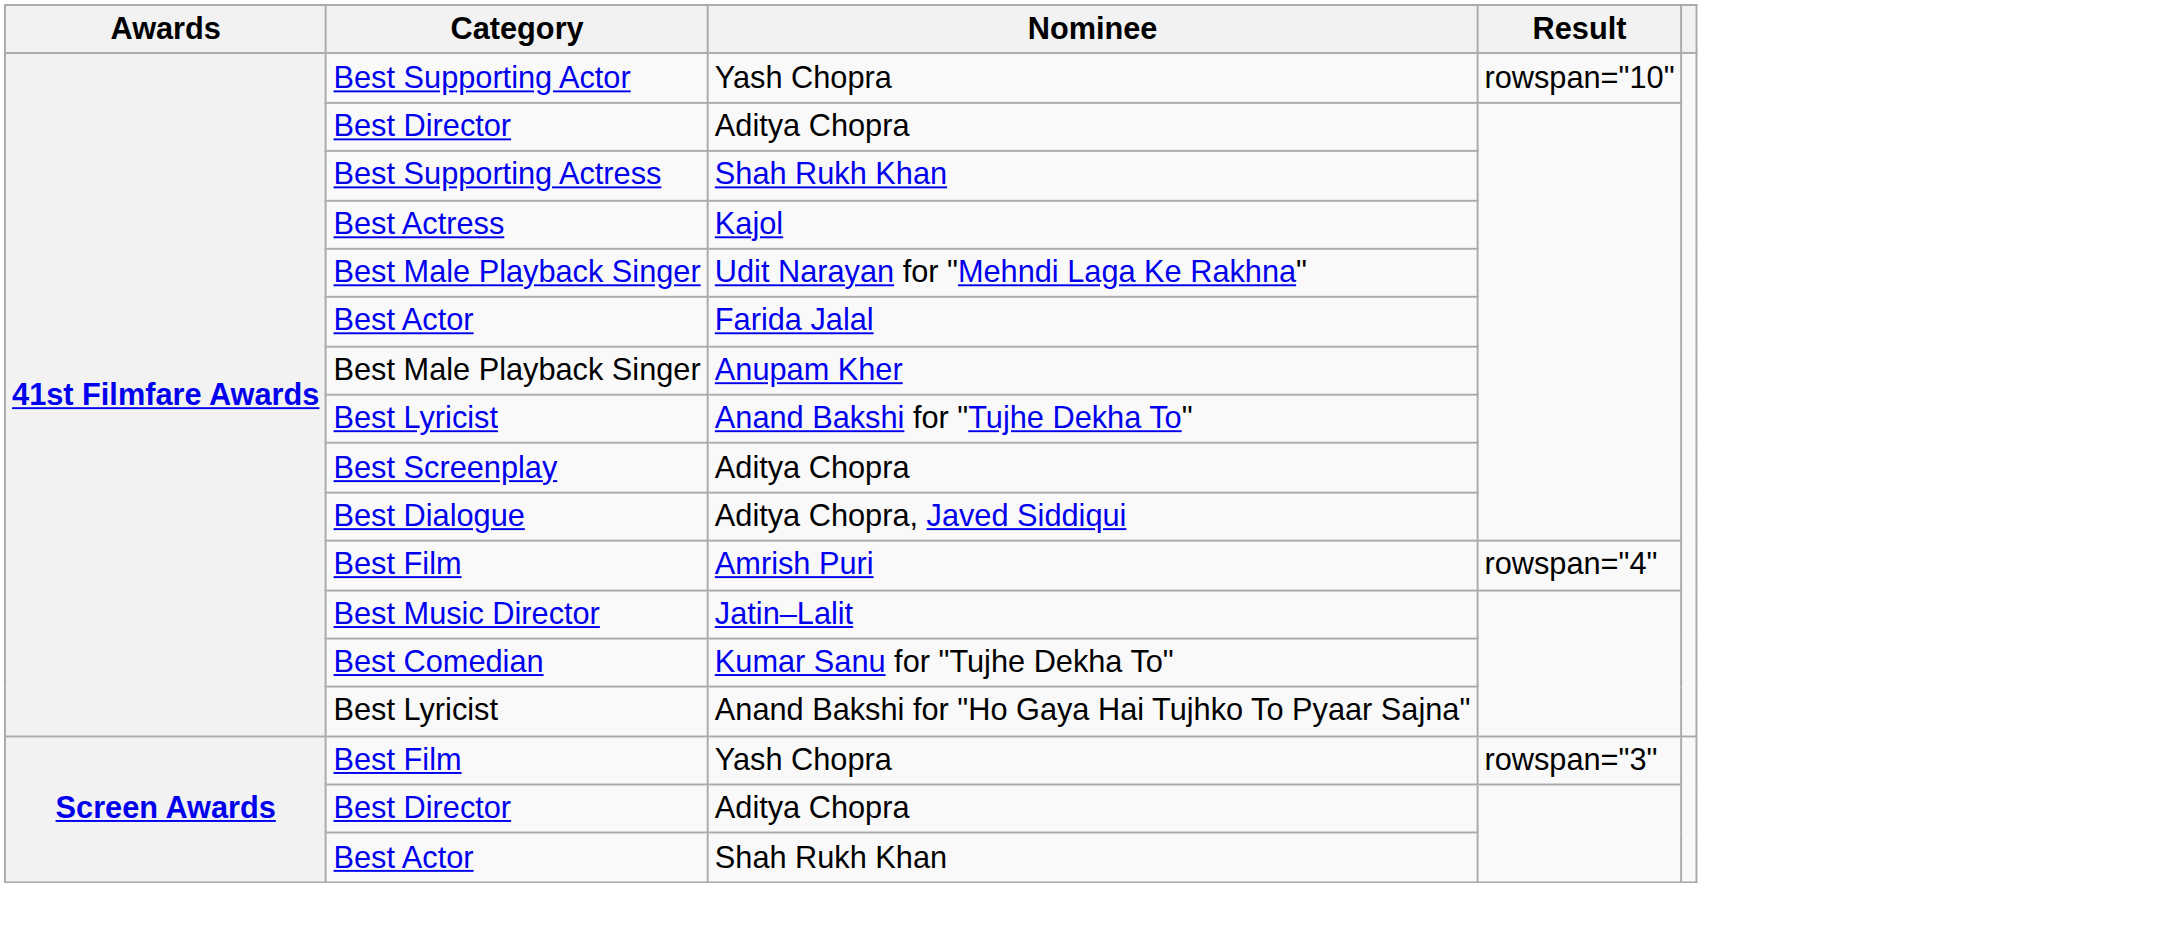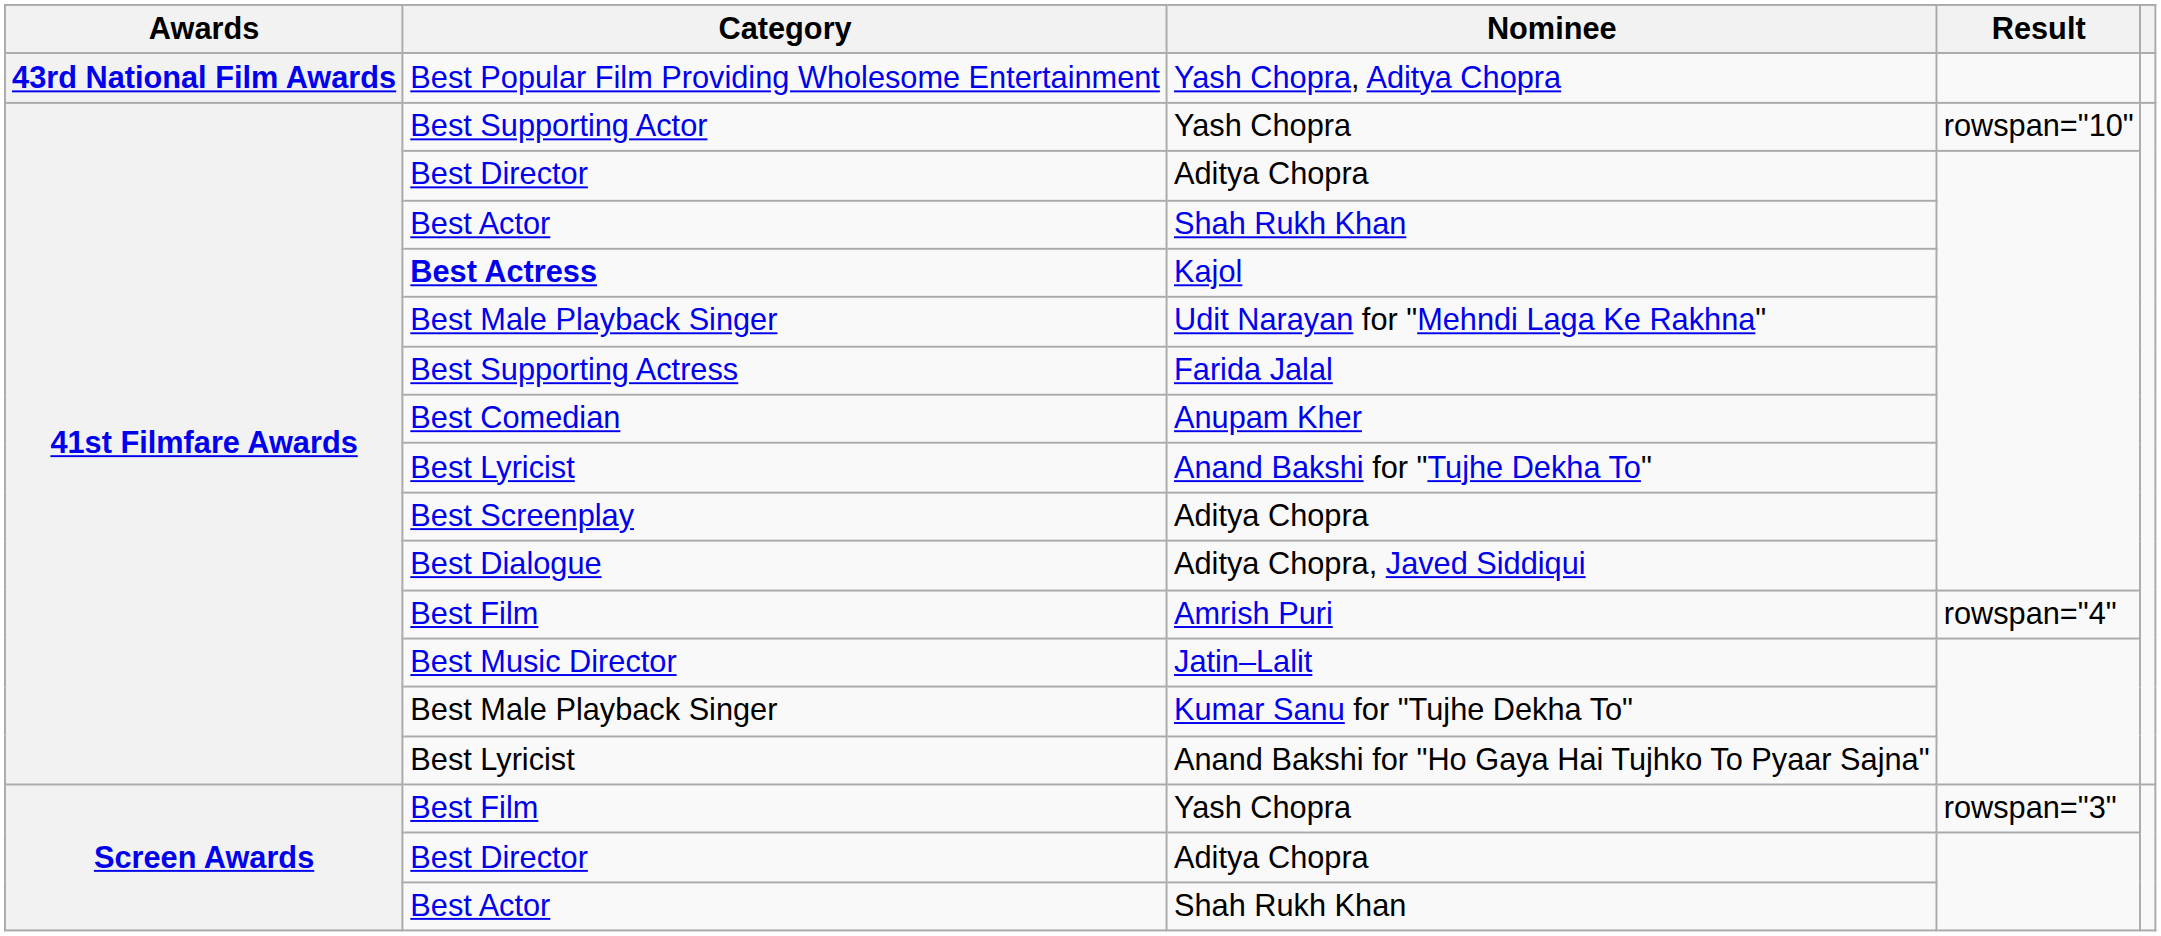 <table class="wikitable plainrowheaders sortable">
 <tr>
 <th scope="col">Awards</th>
 <th scope="col">Category</th>
 <th scope="col">Nominee</th>
 <th scope="col">Result</th>
 <th scope="col" class="unsortable"></th>
+</tr>
+<tr>
+<th scope="row"><a href='#'>43rd National Film Awards</a></th>
+<td><a href='#'>Best Popular Film Providing Wholesome Entertainment</a></td>
+<td><a href='#'>Yash Chopra</a>, <a href='#'>Aditya Chopra</a></td>
+<td></td>
+<td style="text-align:center;"></td>
 </tr>
 <tr>
 <th scope="row" rowspan="14"><a href='#'>41st Filmfare Awards</a></th>
 <td><a href='#'>Best Supporting Actor</a></td>
 <td>Yash Chopra</td>
 <td>rowspan="10" </td>
 <td rowspan="14" style="text-align:center;"><br></td>
 </tr>
 <tr>
 <td><a href='#'>Best Director</a></td>
 <td>Aditya Chopra</td>
 </tr>
 <tr>
-<td><a href='#'>Best Supporting Actress</a></td>
+<td><a href='#'>Best Actor</a></td>
 <td><a href='#'>Shah Rukh Khan</a></td>
 </tr>
 <tr>
-<td><a href='#'>Best Actress</a></td>
+<td><strong><a href='#'>Best Actress</a></strong></td>
 <td><a href='#'>Kajol</a></td>
 </tr>
 <tr>
 <td><a href='#'>Best Male Playback Singer</a></td>
 <td><a href='#'>Udit Narayan</a> for "<a href='#'>Mehndi Laga Ke Rakhna</a>"</td>
 </tr>
 <tr>
-<td><a href='#'>Best Actor</a></td>
+<td><a href='#'>Best Supporting Actress</a></td>
 <td><a href='#'>Farida Jalal</a></td>
 </tr>
 <tr>
-<td>Best Male Playback Singer</td>
+<td><a href='#'>Best Comedian</a></td>
 <td><a href='#'>Anupam Kher</a></td>
 </tr>
 <tr>
 <td><a href='#'>Best Lyricist</a></td>
 <td><a href='#'>Anand Bakshi</a> for "<a href='#'>Tujhe Dekha To</a>"</td>
 </tr>
 <tr>
 <td><a href='#'>Best Screenplay</a></td>
 <td>Aditya Chopra</td>
 </tr>
 <tr>
 <td><a href='#'>Best Dialogue</a></td>
 <td>Aditya Chopra, <a href='#'>Javed Siddiqui</a></td>
 </tr>
 <tr>
 <td><a href='#'>Best Film</a></td>
 <td><a href='#'>Amrish Puri</a></td>
 <td>rowspan="4" </td>
 </tr>
 <tr>
 <td><a href='#'>Best Music Director</a></td>
 <td><a href='#'>Jatin–Lalit</a></td>
 </tr>
 <tr>
-<td><a href='#'>Best Comedian</a></td>
+<td>Best Male Playback Singer</td>
 <td><a href='#'>Kumar Sanu</a> for "Tujhe Dekha To"</td>
 </tr>
 <tr>
 <td>Best Lyricist</td>
 <td>Anand Bakshi for "Ho Gaya Hai Tujhko To Pyaar Sajna"</td>
 </tr>
 <tr>
 <th scope="row" rowspan="3"><a href='#'>Screen Awards</a></th>
 <td><a href='#'>Best Film</a></td>
 <td>Yash Chopra</td>
 <td>rowspan="3" </td>
 <td rowspan="3" style="text-align:center;"></td>
 </tr>
 <tr>
 <td><a href='#'>Best Director</a></td>
 <td>Aditya Chopra</td>
 </tr>
 <tr>
 <td><a href='#'>Best Actor</a></td>
 <td>Shah Rukh Khan</td>
 </tr>
 </table>
